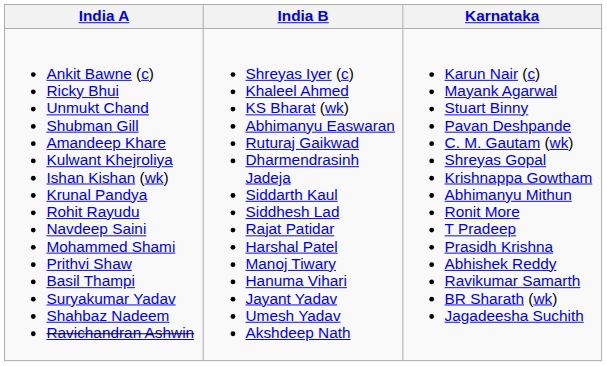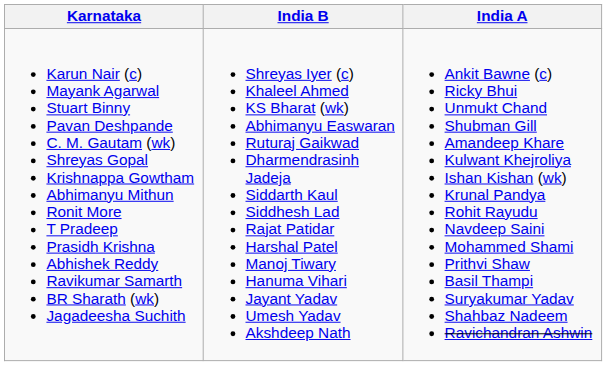 <table class="wikitable">
 <tr>
+<th style="width:150pt;"><a href='#'>Karnataka</a></th>
+<th style="width:150pt;"><a href='#'>India B</a></th>
 <th style="width:150pt;"><a href='#'>India A</a></th>
-<th style="width:150pt;"><a href='#'>India B</a></th>
-<th style="width:150pt;"><a href='#'>Karnataka</a></th>
 </tr>
 <tr style="vertical-align:top">
+<td><br><ul><li><a href='#'>Karun Nair</a> (<a href='#'>c</a>)</li><li><a href='#'>Mayank Agarwal</a></li><li><a href='#'>Stuart Binny</a></li><li><a href='#'>Pavan Deshpande</a></li><li><a href='#'>C. M. Gautam</a> (<a href='#'>wk</a>)</li><li><a href='#'>Shreyas Gopal</a></li><li><a href='#'>Krishnappa Gowtham</a></li><li><a href='#'>Abhimanyu Mithun</a></li><li><a href='#'>Ronit More</a></li><li><a href='#'>T Pradeep</a></li><li><a href='#'>Prasidh Krishna</a></li><li><a href='#'>Abhishek Reddy</a></li><li><a href='#'>Ravikumar Samarth</a></li><li><a href='#'>BR Sharath</a> (<a href='#'>wk</a>)</li><li><a href='#'>Jagadeesha Suchith</a></li></ul></td>
+<td><br><ul><li><a href='#'>Shreyas Iyer</a> (<a href='#'>c</a>)</li><li><a href='#'>Khaleel Ahmed</a></li><li><a href='#'>KS Bharat</a> (<a href='#'>wk</a>)</li><li><a href='#'>Abhimanyu Easwaran</a></li><li><a href='#'>Ruturaj Gaikwad</a></li><li><a href='#'>Dharmendrasinh Jadeja</a></li><li><a href='#'>Siddarth Kaul</a></li><li><a href='#'>Siddhesh Lad</a></li><li><a href='#'>Rajat Patidar</a></li><li><a href='#'>Harshal Patel</a></li><li><a href='#'>Manoj Tiwary</a></li><li><a href='#'>Hanuma Vihari</a></li><li><a href='#'>Jayant Yadav</a></li><li><a href='#'>Umesh Yadav</a></li><li><a href='#'>Akshdeep Nath</a></li></ul></td>
 <td><br><ul><li><a href='#'>Ankit Bawne</a> (<a href='#'>c</a>)</li><li><a href='#'>Ricky Bhui</a></li><li><a href='#'>Unmukt Chand</a></li><li><a href='#'>Shubman Gill</a></li><li><a href='#'>Amandeep Khare</a></li><li><a href='#'>Kulwant Khejroliya</a></li><li><a href='#'>Ishan Kishan</a> (<a href='#'>wk</a>)</li><li><a href='#'>Krunal Pandya</a></li><li><a href='#'>Rohit Rayudu</a></li><li><a href='#'>Navdeep Saini</a></li><li><a href='#'>Mohammed Shami</a></li><li><a href='#'>Prithvi Shaw</a></li><li><a href='#'>Basil Thampi</a></li><li><a href='#'>Suryakumar Yadav</a></li><li><a href='#'>Shahbaz Nadeem</a></li><li><s><a href='#'>Ravichandran Ashwin</a></s></li></ul></td>
-<td><br><ul><li><a href='#'>Shreyas Iyer</a> (<a href='#'>c</a>)</li><li><a href='#'>Khaleel Ahmed</a></li><li><a href='#'>KS Bharat</a> (<a href='#'>wk</a>)</li><li><a href='#'>Abhimanyu Easwaran</a></li><li><a href='#'>Ruturaj Gaikwad</a></li><li><a href='#'>Dharmendrasinh Jadeja</a></li><li><a href='#'>Siddarth Kaul</a></li><li><a href='#'>Siddhesh Lad</a></li><li><a href='#'>Rajat Patidar</a></li><li><a href='#'>Harshal Patel</a></li><li><a href='#'>Manoj Tiwary</a></li><li><a href='#'>Hanuma Vihari</a></li><li><a href='#'>Jayant Yadav</a></li><li><a href='#'>Umesh Yadav</a></li><li><a href='#'>Akshdeep Nath</a></li></ul></td>
-<td><br><ul><li><a href='#'>Karun Nair</a> (<a href='#'>c</a>)</li><li><a href='#'>Mayank Agarwal</a></li><li><a href='#'>Stuart Binny</a></li><li><a href='#'>Pavan Deshpande</a></li><li><a href='#'>C. M. Gautam</a> (<a href='#'>wk</a>)</li><li><a href='#'>Shreyas Gopal</a></li><li><a href='#'>Krishnappa Gowtham</a></li><li><a href='#'>Abhimanyu Mithun</a></li><li><a href='#'>Ronit More</a></li><li><a href='#'>T Pradeep</a></li><li><a href='#'>Prasidh Krishna</a></li><li><a href='#'>Abhishek Reddy</a></li><li><a href='#'>Ravikumar Samarth</a></li><li><a href='#'>BR Sharath</a> (<a href='#'>wk</a>)</li><li><a href='#'>Jagadeesha Suchith</a></li></ul></td>
 </tr>
 </table>
